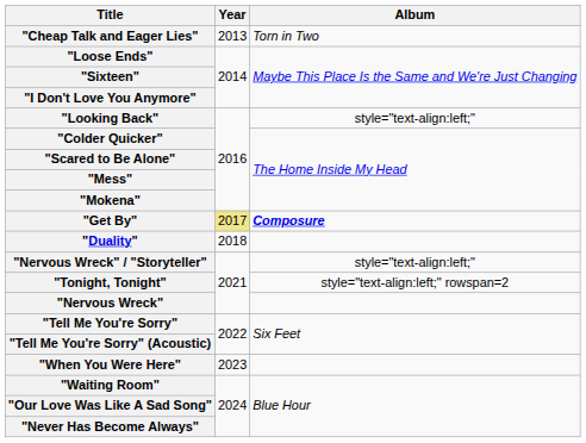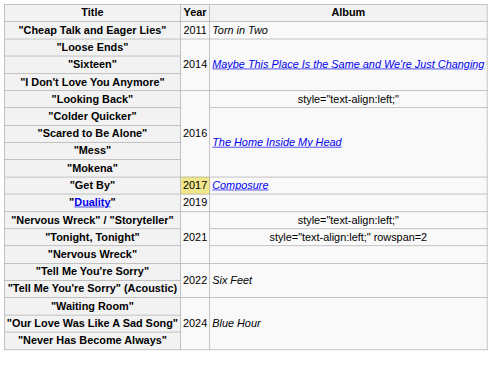 <table class="wikitable plainrowheaders" style="text-align:center;">
 <tr>
 <th scope=col>Title</th>
 <th scope=col>Year</th>
 <th scope=col>Album</th>
 </tr>
 <tr>
 <th scope="row">"Cheap Talk and Eager Lies"</th>
-<td>2013</td>
+<td>2011</td>
 <td style="text-align:left;"><em>Torn in Two</em></td>
 </tr>
 <tr>
 <th scope="row">"Loose Ends"</th>
 <td rowspan=3>2014</td>
 <td rowspan=3 style="text-align:left;"><em><a href='#'>Maybe This Place Is the Same and We're Just Changing</a></em></td>
 </tr>
 <tr>
 <th scope="row">"Sixteen"</th>
 </tr>
 <tr>
 <th scope="row">"I Don't Love You Anymore"</th>
 </tr>
 <tr>
 <th scope="row">"Looking Back"<br> </th>
 <td rowspan=5>2016</td>
 <td>style="text-align:left;" </td>
 </tr>
 <tr>
 <th scope="row">"Colder Quicker"</th>
 <td rowspan=4 style="text-align:left;"><em><a href='#'>The Home Inside My Head</a></em></td>
 </tr>
 <tr>
 <th scope="row">"Scared to Be Alone"</th>
 </tr>
 <tr>
 <th scope="row">"Mess"</th>
 </tr>
 <tr>
 <th scope="row">"Mokena"</th>
 </tr>
 <tr>
 <th scope="row">"Get By"</th>
 <td style="background: khaki;">2017</td>
-<td style="text-align:left;"><strong><em><a href='#'>Composure</a></em></strong></td>
+<td style="text-align:left;"><em><a href='#'>Composure</a></em></td>
 </tr>
 <tr>
 <th scope="row">"<a href='#'>Duality</a>"<br> </th>
-<td>2018</td>
+<td>2019</td>
 <td></td>
 </tr>
 <tr>
 <th scope="row">"Nervous Wreck" / "Storyteller"</th>
 <td rowspan=3>2021</td>
 <td>style="text-align:left;" </td>
 </tr>
 <tr>
 <th scope="row">"Tonight, Tonight"</th>
 <td>style="text-align:left;" rowspan=2 </td>
 </tr>
 <tr>
 <th scope="row">"Nervous Wreck"<br> </th>
 </tr>
 <tr>
 <th scope="row">"Tell Me You're Sorry"</th>
 <td rowspan=2>2022</td>
 <td rowspan=2 style="text-align:left;"><em>Six Feet</em></td>
 </tr>
 <tr>
 <th scope="row">"Tell Me You're Sorry" (Acoustic)</th>
 </tr>
 <tr>
-<th scope="row">"When You Were Here"</th>
-<td>2023</td>
-<td></td>
-</tr>
-<tr>
 <th scope="row">"Waiting Room"</th>
 <td rowspan=3>2024</td>
 <td rowspan=3 style="text-align:left;"><em>Blue Hour</em></td>
 </tr>
 <tr>
 <th scope="row">"Our Love Was Like A Sad Song"</th>
 </tr>
 <tr>
 <th scope="row">"Never Has Become Always"</th>
 </tr>
 </table>
